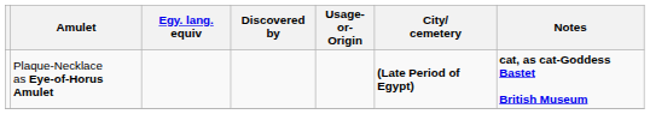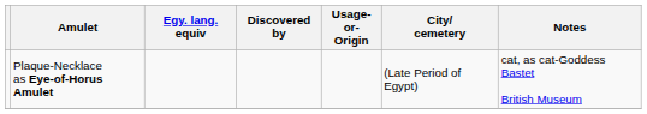 <table class="wikitable sortable">
 <tr style="background:#efefef;">
 <th></th>
 <th><strong>Amulet</strong></th>
 <th><a href='#'>Egy. lang.</a> equiv</th>
 <th>Discovered by</th>
 <th>Usage-or-<br>Origin</th>
 <th>City/<br>cemetery</th>
 <th>Notes</th>
 </tr>
 <tr>
 <td></td>
 <td>Plaque-Necklace<br>as <strong>Eye-of-Horus Amulet</strong></td>
 <td></td>
 <td></td>
 <td></td>
-<td><strong>(Late Period of Egypt)</strong></td>
-<td><strong>cat, as cat-Goddess <a href='#'>Bastet</a><br><br><a href='#'>British Museum</a></strong></td>
+<td>(Late Period of Egypt)</td>
+<td>cat, as cat-Goddess <a href='#'>Bastet</a><br><br><a href='#'>British Museum</a></td>
 </tr>
 <tr>
 </tr>
 </table>
